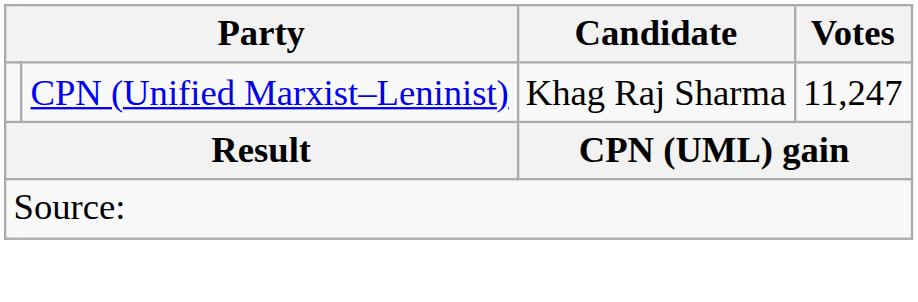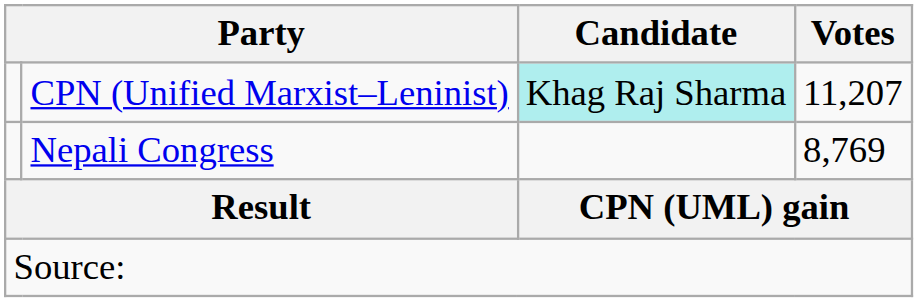 <table class="wikitable">
 <tr>
 <th colspan="2">Party</th>
 <th>Candidate</th>
 <th>Votes</th>
 </tr>
 <tr>
 <td style="background-color:"></td>
 <td><a href='#'>CPN (Unified Marxist–Leninist)</a></td>
-<td>Khag Raj Sharma</td>
-<td>11,247</td>
+<td style="background: paleturquoise;">Khag Raj Sharma</td>
+<td>11,207</td>
+</tr>
+<tr>
+<td style="background-color:"></td>
+<td><a href='#'>Nepali Congress</a></td>
+<td></td>
+<td>8,769</td>
 </tr>
 <tr>
 <th colspan="2">Result</th>
 <th colspan="2">CPN (UML) gain</th>
 </tr>
 <tr>
 <td colspan="4">Source: </td>
 </tr>
 </table>
